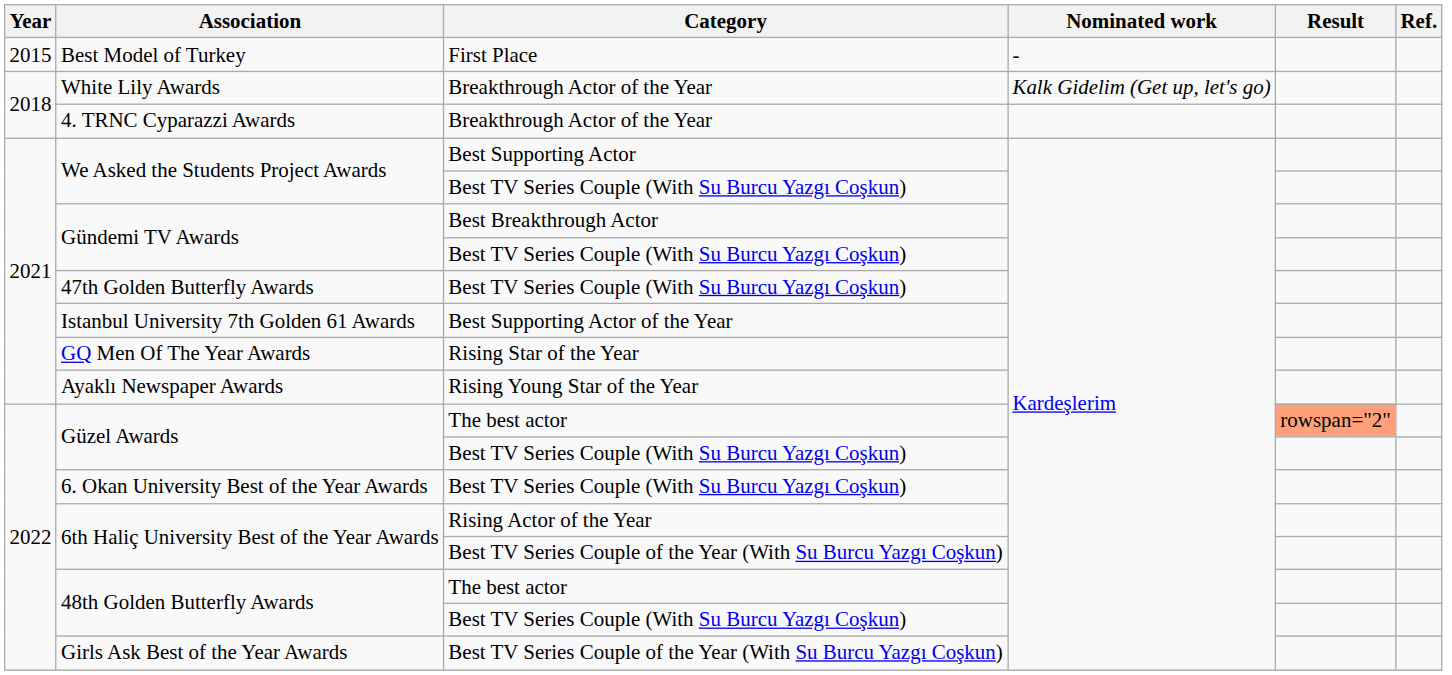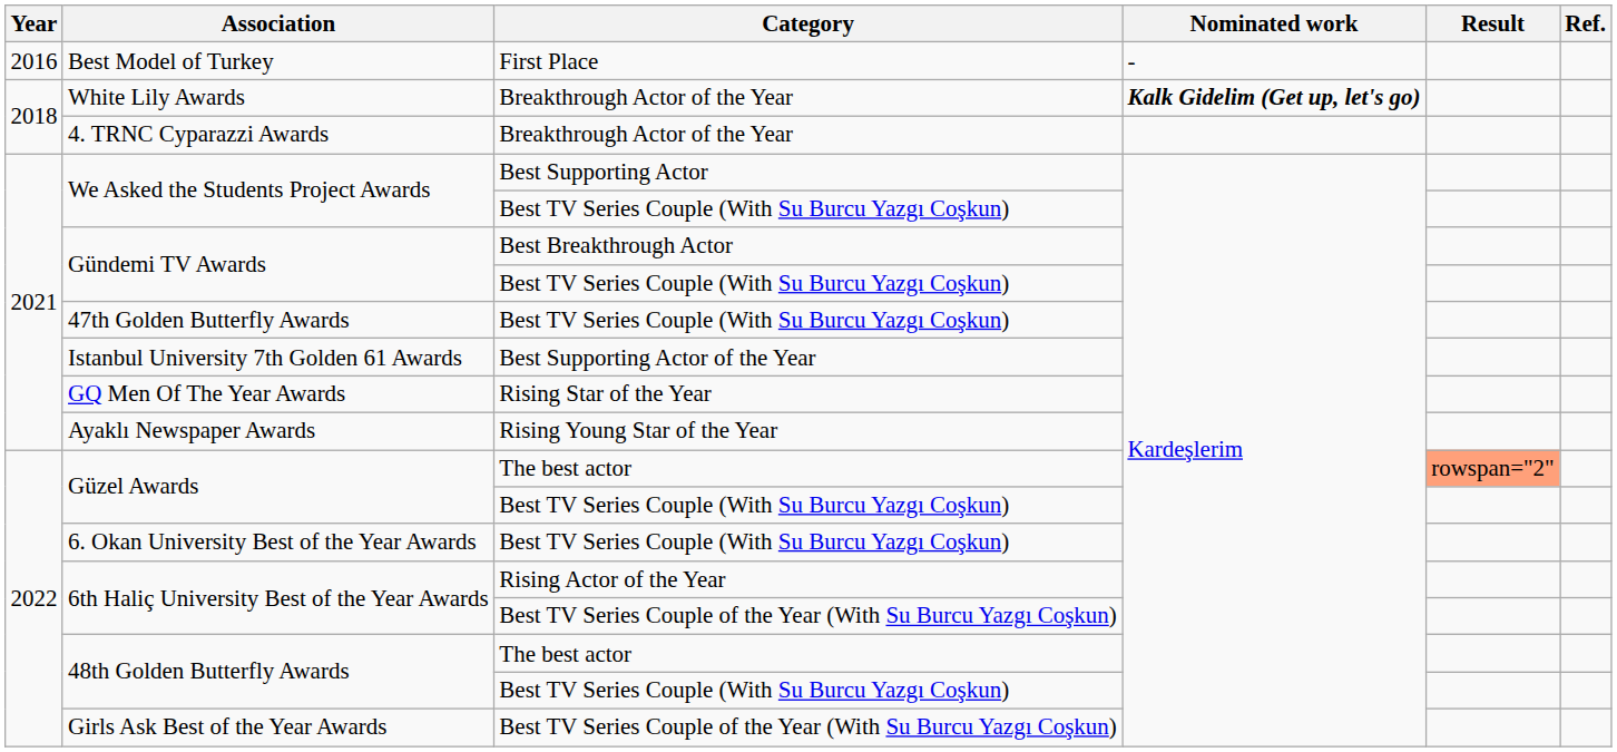 <table class="wikitable sortable">
 <tr>
 <th>Year</th>
 <th>Association</th>
 <th>Category</th>
 <th>Nominated work</th>
 <th>Result</th>
 <th>Ref.</th>
 </tr>
 <tr>
-<td>2015</td>
+<td>2016</td>
 <td>Best Model of Turkey</td>
 <td>First Place</td>
 <td>-</td>
 <td></td>
 <td></td>
 </tr>
 <tr>
 <td rowspan="2">2018</td>
 <td>White Lily Awards</td>
 <td>Breakthrough Actor of the Year</td>
-<td><em>Kalk Gidelim (Get up, let's go)</em></td>
+<td><strong><em>Kalk Gidelim (Get up, let's go)</em></strong></td>
 <td></td>
 <td></td>
 </tr>
 <tr>
 <td>4. TRNC Cyparazzi Awards</td>
 <td>Breakthrough Actor of the Year</td>
 <td></td>
 <td></td>
 <td></td>
 </tr>
 <tr>
 <td rowspan="8">2021</td>
 <td rowspan="2">We Asked the Students Project Awards</td>
 <td>Best Supporting Actor</td>
 <td rowspan="16"><a href='#'>Kardeşlerim</a></td>
 <td></td>
 <td></td>
 </tr>
 <tr>
 <td>Best TV Series Couple (With <a href='#'>Su Burcu Yazgı Coşkun</a>)</td>
 <td></td>
 <td></td>
 </tr>
 <tr>
 <td rowspan="2">Gündemi TV Awards</td>
 <td>Best Breakthrough Actor</td>
 <td></td>
 <td></td>
 </tr>
 <tr>
 <td>Best TV Series Couple (With <a href='#'>Su Burcu Yazgı Coşkun</a>)</td>
 <td></td>
 <td></td>
 </tr>
 <tr>
 <td>47th Golden Butterfly Awards</td>
 <td>Best TV Series Couple (With <a href='#'>Su Burcu Yazgı Coşkun</a>)</td>
 <td></td>
 <td></td>
 </tr>
 <tr>
 <td>Istanbul University 7th Golden 61 Awards</td>
 <td>Best Supporting Actor of the Year</td>
 <td></td>
 <td></td>
 </tr>
 <tr>
 <td><a href='#'>GQ</a> Men Of The Year Awards</td>
 <td>Rising Star of the Year</td>
 <td></td>
 <td></td>
 </tr>
 <tr>
 <td>Ayaklı Newspaper Awards</td>
 <td>Rising Young Star of the Year</td>
 <td></td>
 <td></td>
 </tr>
 <tr>
 <td rowspan="8">2022</td>
 <td rowspan="2">Güzel Awards</td>
 <td>The best actor</td>
 <td style="background: lightsalmon;">rowspan="2" </td>
 <td></td>
 </tr>
 <tr>
 <td>Best TV Series Couple (With <a href='#'>Su Burcu Yazgı Coşkun</a>)</td>
 <td></td>
 </tr>
 <tr>
 <td>6. Okan University Best of the Year Awards</td>
 <td>Best TV Series Couple (With <a href='#'>Su Burcu Yazgı Coşkun</a>)</td>
 <td></td>
 <td></td>
 </tr>
 <tr>
 <td rowspan="2">6th Haliç University Best of the Year Awards</td>
 <td>Rising Actor of the Year</td>
 <td></td>
 <td></td>
 </tr>
 <tr>
 <td>Best TV Series Couple of the Year (With <a href='#'>Su Burcu Yazgı Coşkun</a>)</td>
 <td></td>
 <td></td>
 </tr>
 <tr>
 <td rowspan="2">48th Golden Butterfly Awards</td>
 <td>The best actor</td>
 <td></td>
 <td></td>
 </tr>
 <tr>
 <td>Best TV Series Couple (With <a href='#'>Su Burcu Yazgı Coşkun</a>)</td>
 <td></td>
 <td></td>
 </tr>
 <tr>
 <td>Girls Ask Best of the Year Awards</td>
 <td>Best TV Series Couple of the Year (With <a href='#'>Su Burcu Yazgı Coşkun</a>)</td>
 <td></td>
 <td></td>
 </tr>
 </table>
